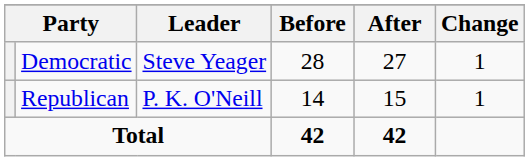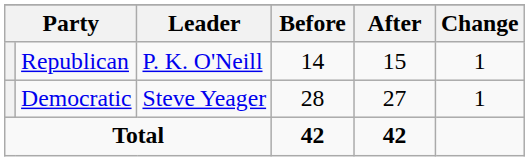 <table class="wikitable" style="text-align:center;">
 <tr>
 </tr>
 <tr>
 <th colspan="2">Party</th>
 <th>Leader</th>
 <th style="width:3em">Before</th>
 <th style="width:3em">After</th>
 <th style="width:3em">Change</th>
 </tr>
 <tr>
 <th style="background-color:"></th>
+<td style="text-align:left;"><a href='#'>Republican</a></td>
+<td style="text-align:left;"><a href='#'>P. K. O'Neill</a></td>
+<td>14</td>
+<td>15</td>
+<td> 1</td>
+</tr>
+<tr>
+<th style="background-color:"></th>
 <td style="text-align:left;"><a href='#'>Democratic</a></td>
 <td style="text-align:left;"><a href='#'>Steve Yeager</a></td>
 <td>28</td>
 <td>27</td>
-<td> 1</td>
-</tr>
-<tr>
-<th style="background-color:"></th>
-<td style="text-align:left;"><a href='#'>Republican</a></td>
-<td style="text-align:left;"><a href='#'>P. K. O'Neill</a></td>
-<td>14</td>
-<td>15</td>
 <td> 1</td>
 </tr>
 <tr>
 <td colspan="3"><strong>Total</strong></td>
 <td><strong>42</strong></td>
 <td><strong>42</strong></td>
 <td></td>
 </tr>
 </table>
